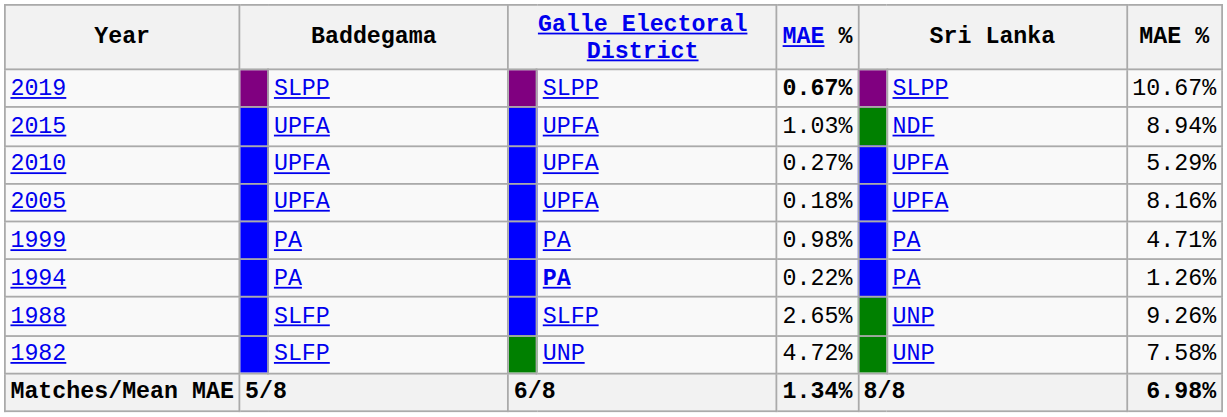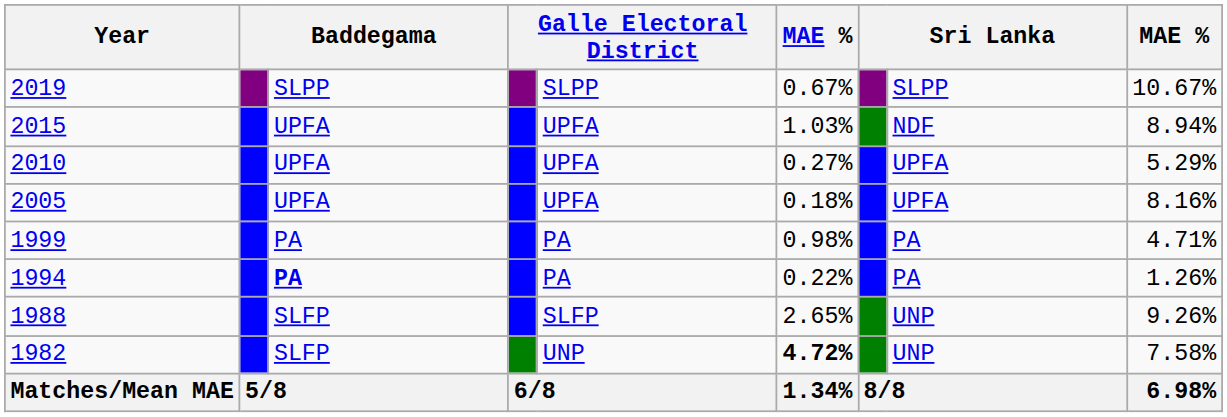 <table class="wikitable">
 <tr>
 <th>Year</th>
 <th colspan="2" width="144px">Baddegama</th>
 <th colspan="2" width="144px"><a href='#'>Galle Electoral District</a></th>
 <th><a href='#'>MAE</a> %</th>
 <th colspan="2" width="144px">Sri Lanka</th>
 <th>MAE %</th>
 </tr>
 <tr>
 <td><a href='#'>2019</a></td>
 <td style="background-color:purple;" width="10px"></td>
 <td style="text-align:left;"><a href='#'>SLPP</a></td>
 <td style="background-color:purple;" width="10px"></td>
 <td style="text-align:left;"><a href='#'>SLPP</a></td>
-<td style="text-align:right;"><strong>0.67%</strong></td>
+<td style="text-align:right;">0.67%</td>
 <td style="background-color:purple;" width="10px"></td>
 <td style="text-align:left;"><a href='#'>SLPP</a></td>
 <td style="text-align:right;">10.67%</td>
 </tr>
 <tr>
 <td><a href='#'>2015</a></td>
 <td style="background-color:blue;" width="10px"></td>
 <td style="text-align:left;"><a href='#'>UPFA</a></td>
 <td style="background-color:blue;" width="10px"></td>
 <td style="text-align:left;"><a href='#'>UPFA</a></td>
 <td style="text-align:right;">1.03%</td>
 <td style="background-color:green;" width="10px"></td>
 <td style="text-align:left;"><a href='#'>NDF</a></td>
 <td style="text-align:right;">8.94%</td>
 </tr>
 <tr>
 <td><a href='#'>2010</a></td>
 <td style="background-color:blue;" width="10px"></td>
 <td style="text-align:left;"><a href='#'>UPFA</a></td>
 <td style="background-color:blue;" width="10px"></td>
 <td style="text-align:left;"><a href='#'>UPFA</a></td>
 <td style="text-align:right;">0.27%</td>
 <td style="background-color:blue;" width="10px"></td>
 <td style="text-align:left;"><a href='#'>UPFA</a></td>
 <td style="text-align:right;">5.29%</td>
 </tr>
 <tr>
 <td><a href='#'>2005</a></td>
 <td style="background-color:blue;" width="10px"></td>
 <td style="text-align:left;"><a href='#'>UPFA</a></td>
 <td style="background-color:blue;" width="10px"></td>
 <td style="text-align:left;"><a href='#'>UPFA</a></td>
 <td style="text-align:right;">0.18%</td>
 <td style="background-color:blue;" width="10px"></td>
 <td style="text-align:left;"><a href='#'>UPFA</a></td>
 <td style="text-align:right;">8.16%</td>
 </tr>
 <tr>
 <td><a href='#'>1999</a></td>
 <td style="background-color:blue;" width="10px"></td>
 <td style="text-align:left;"><a href='#'>PA</a></td>
 <td style="background-color:blue;" width="10px"></td>
 <td style="text-align:left;"><a href='#'>PA</a></td>
 <td style="text-align:right;">0.98%</td>
 <td style="background-color:blue;" width="10px"></td>
 <td style="text-align:left;"><a href='#'>PA</a></td>
 <td style="text-align:right;">4.71%</td>
 </tr>
 <tr>
 <td><a href='#'>1994</a></td>
 <td style="background-color:blue;" width="10px"></td>
+<td style="text-align:left;"><strong><a href='#'>PA</a></strong></td>
+<td style="background-color:blue;" width="10px"></td>
 <td style="text-align:left;"><a href='#'>PA</a></td>
-<td style="background-color:blue;" width="10px"></td>
-<td style="text-align:left;"><strong><a href='#'>PA</a></strong></td>
 <td style="text-align:right;">0.22%</td>
 <td style="background-color:blue;" width="10px"></td>
 <td style="text-align:left;"><a href='#'>PA</a></td>
 <td style="text-align:right;">1.26%</td>
 </tr>
 <tr>
 <td><a href='#'>1988</a></td>
 <td style="background-color:blue;" width="10px"></td>
 <td style="text-align:left;"><a href='#'>SLFP</a></td>
 <td style="background-color:blue;" width="10px"></td>
 <td style="text-align:left;"><a href='#'>SLFP</a></td>
 <td style="text-align:right;">2.65%</td>
 <td style="background-color:green;" width="10px"></td>
 <td style="text-align:left;"><a href='#'>UNP</a></td>
 <td style="text-align:right;">9.26%</td>
 </tr>
 <tr>
 <td><a href='#'>1982</a></td>
 <td style="background-color:blue;" width="10px"></td>
 <td style="text-align:left;"><a href='#'>SLFP</a></td>
 <td style="background-color:green;" width="10px"></td>
 <td style="text-align:left;"><a href='#'>UNP</a></td>
-<td style="text-align:right;">4.72%</td>
+<td style="text-align:right;"><strong>4.72%</strong></td>
 <td style="background-color:green;" width="10px"></td>
 <td style="text-align:left;"><a href='#'>UNP</a></td>
 <td style="text-align:right;">7.58%</td>
 </tr>
 <tr>
 <th>Matches/Mean MAE</th>
 <th style="text-align:left;"colspan="2" width="144px">5/8</th>
 <th style="text-align:left;"colspan="2" width="144px">6/8</th>
 <th style="text-align:right;">1.34%</th>
 <th style="text-align:left;"colspan="2" width="144px">8/8</th>
 <th style="text-align:right;">6.98%</th>
 </tr>
 </table>
